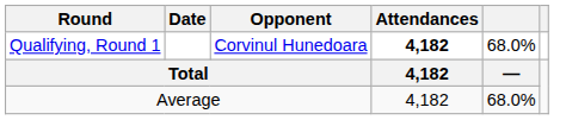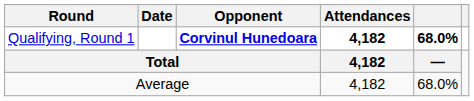 <table class="wikitable sortable mw-collapsible mw-collapsed" style="text-align:center; font-size:85%;">
 <tr>
 <th scope="col">Round</th>
 <th scope="col">Date</th>
 <th scope="col">Opponent</th>
 <th scope="col">Attendances</th>
 <th scope="col"></th>
 <th scope="col"></th>
 </tr>
 <tr bgcolor="white">
 <td><a href='#'>Qualifying, Round 1</a></td>
 <td></td>
-<td> <a href='#'>Corvinul Hunedoara</a></td>
+<td><strong> <a href='#'>Corvinul Hunedoara</a></strong></td>
 <td><strong>4,182</strong></td>
-<td>68.0%</td>
+<td><strong>68.0%</strong></td>
 <td></td>
 </tr>
 <tr>
 <th colspan="3">Total</th>
 <th>4,182</th>
 <th>—</th>
 </tr>
 <tr>
 <td colspan="3">Average</td>
 <td>4,182</td>
 <td>68.0%</td>
 </tr>
 </table>
